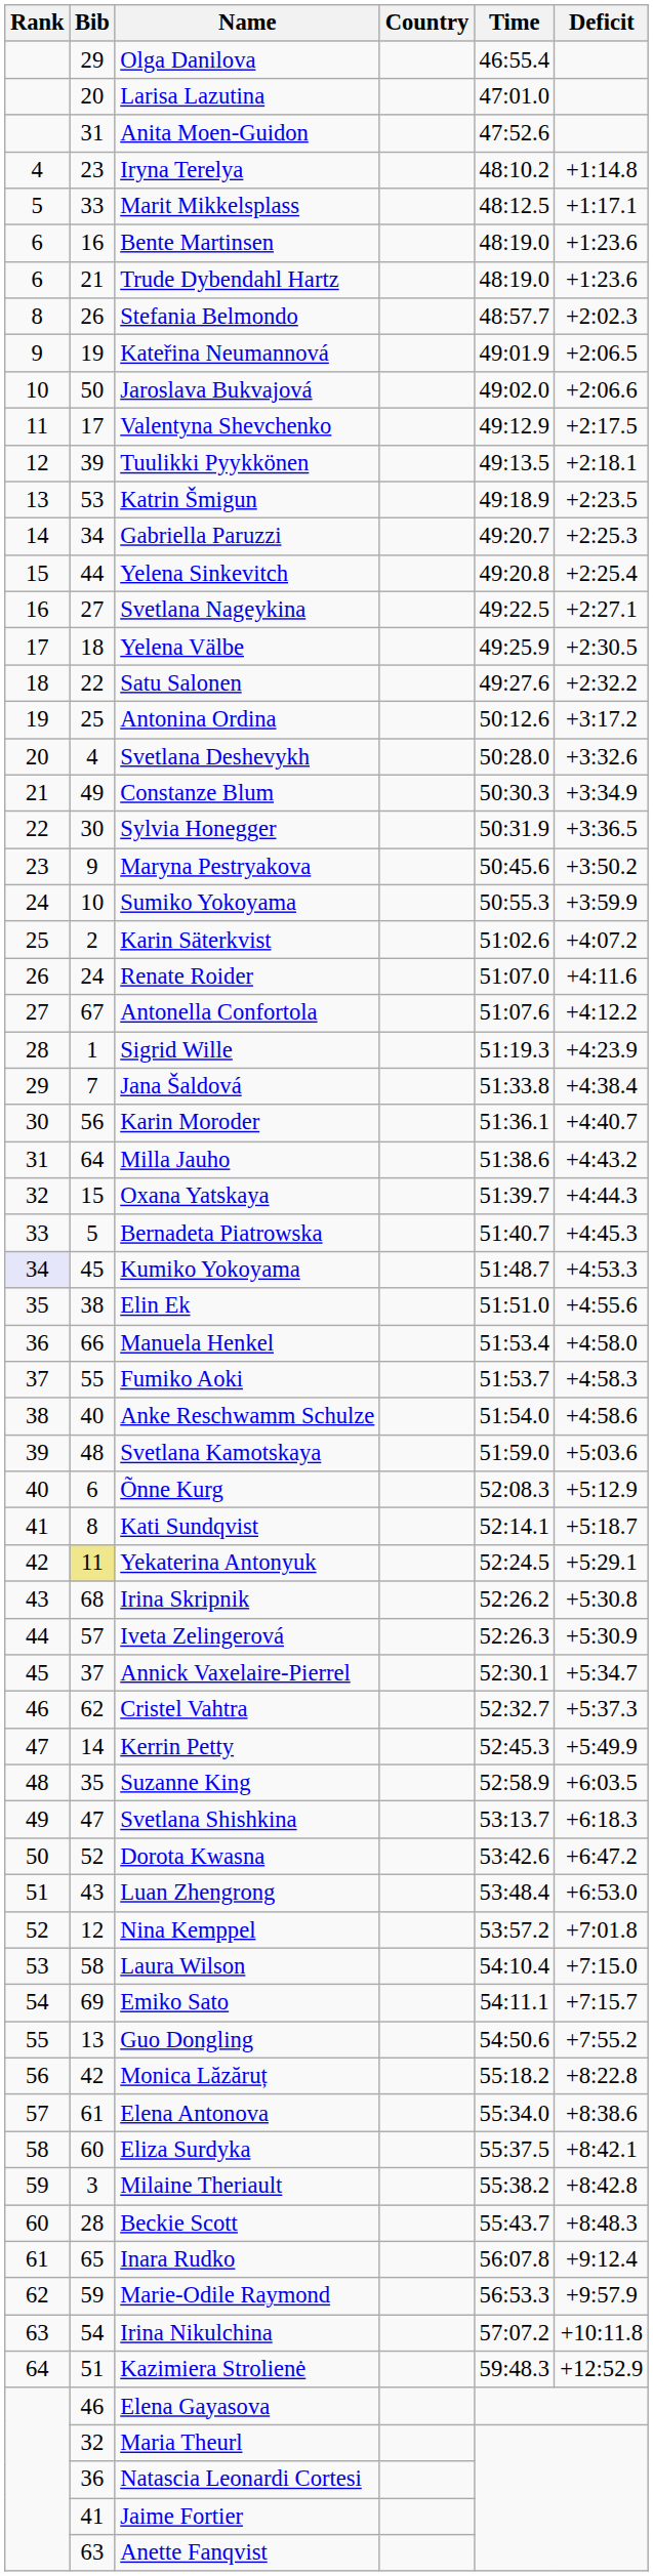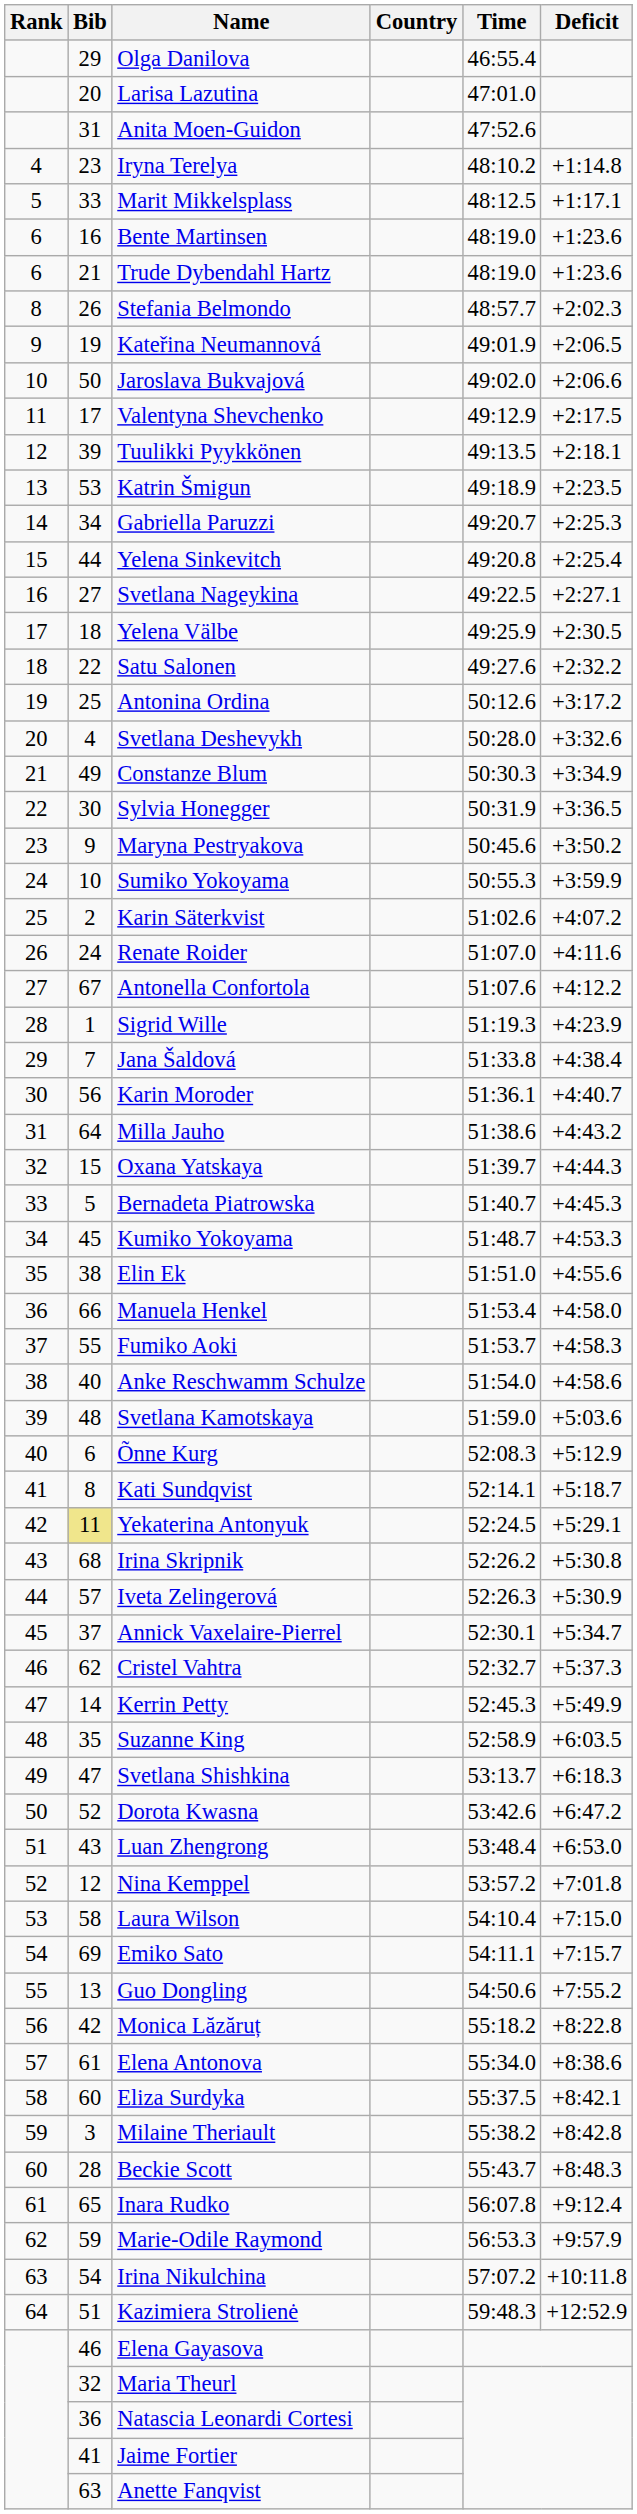 <table class="wikitable sortable" style="text-align:center">
 <tr>
 <th>Rank</th>
 <th>Bib</th>
 <th>Name</th>
 <th>Country</th>
 <th>Time</th>
 <th>Deficit</th>
 </tr>
 <tr>
 <td></td>
 <td>29</td>
 <td align=left><a href='#'>Olga Danilova</a></td>
 <td align=left></td>
 <td>46:55.4</td>
 <td></td>
 </tr>
 <tr>
 <td></td>
 <td>20</td>
 <td align=left><a href='#'>Larisa Lazutina</a></td>
 <td align=left></td>
 <td>47:01.0</td>
 <td></td>
 </tr>
 <tr>
 <td></td>
 <td>31</td>
 <td align=left><a href='#'>Anita Moen-Guidon</a></td>
 <td align=left></td>
 <td>47:52.6</td>
 <td></td>
 </tr>
 <tr>
 <td>4</td>
 <td>23</td>
 <td align=left><a href='#'>Iryna Terelya</a></td>
 <td align=left></td>
 <td>48:10.2</td>
 <td>+1:14.8</td>
 </tr>
 <tr>
 <td>5</td>
 <td>33</td>
 <td align=left><a href='#'>Marit Mikkelsplass</a></td>
 <td align=left></td>
 <td>48:12.5</td>
 <td>+1:17.1</td>
 </tr>
 <tr>
 <td>6</td>
 <td>16</td>
 <td align=left><a href='#'>Bente Martinsen</a></td>
 <td align=left></td>
 <td>48:19.0</td>
 <td>+1:23.6</td>
 </tr>
 <tr>
 <td>6</td>
 <td>21</td>
 <td align=left><a href='#'>Trude Dybendahl Hartz</a></td>
 <td align=left></td>
 <td>48:19.0</td>
 <td>+1:23.6</td>
 </tr>
 <tr>
 <td>8</td>
 <td>26</td>
 <td align=left><a href='#'>Stefania Belmondo</a></td>
 <td align=left></td>
 <td>48:57.7</td>
 <td>+2:02.3</td>
 </tr>
 <tr>
 <td>9</td>
 <td>19</td>
 <td align=left><a href='#'>Kateřina Neumannová</a></td>
 <td align=left></td>
 <td>49:01.9</td>
 <td>+2:06.5</td>
 </tr>
 <tr>
 <td>10</td>
 <td>50</td>
 <td align=left><a href='#'>Jaroslava Bukvajová</a></td>
 <td align=left></td>
 <td>49:02.0</td>
 <td>+2:06.6</td>
 </tr>
 <tr>
 <td>11</td>
 <td>17</td>
 <td align=left><a href='#'>Valentyna Shevchenko</a></td>
 <td align=left></td>
 <td>49:12.9</td>
 <td>+2:17.5</td>
 </tr>
 <tr>
 <td>12</td>
 <td>39</td>
 <td align=left><a href='#'>Tuulikki Pyykkönen</a></td>
 <td align=left></td>
 <td>49:13.5</td>
 <td>+2:18.1</td>
 </tr>
 <tr>
 <td>13</td>
 <td>53</td>
 <td align=left><a href='#'>Katrin Šmigun</a></td>
 <td align=left></td>
 <td>49:18.9</td>
 <td>+2:23.5</td>
 </tr>
 <tr>
 <td>14</td>
 <td>34</td>
 <td align=left><a href='#'>Gabriella Paruzzi</a></td>
 <td align=left></td>
 <td>49:20.7</td>
 <td>+2:25.3</td>
 </tr>
 <tr>
 <td>15</td>
 <td>44</td>
 <td align=left><a href='#'>Yelena Sinkevitch</a></td>
 <td align=left></td>
 <td>49:20.8</td>
 <td>+2:25.4</td>
 </tr>
 <tr>
 <td>16</td>
 <td>27</td>
 <td align=left><a href='#'>Svetlana Nageykina</a></td>
 <td align=left></td>
 <td>49:22.5</td>
 <td>+2:27.1</td>
 </tr>
 <tr>
 <td>17</td>
 <td>18</td>
 <td align=left><a href='#'>Yelena Välbe</a></td>
 <td align=left></td>
 <td>49:25.9</td>
 <td>+2:30.5</td>
 </tr>
 <tr>
 <td>18</td>
 <td>22</td>
 <td align=left><a href='#'>Satu Salonen</a></td>
 <td align=left></td>
 <td>49:27.6</td>
 <td>+2:32.2</td>
 </tr>
 <tr>
 <td>19</td>
 <td>25</td>
 <td align=left><a href='#'>Antonina Ordina</a></td>
 <td align=left></td>
 <td>50:12.6</td>
 <td>+3:17.2</td>
 </tr>
 <tr>
 <td>20</td>
 <td>4</td>
 <td align=left><a href='#'>Svetlana Deshevykh</a></td>
 <td align=left></td>
 <td>50:28.0</td>
 <td>+3:32.6</td>
 </tr>
 <tr>
 <td>21</td>
 <td>49</td>
 <td align=left><a href='#'>Constanze Blum</a></td>
 <td align=left></td>
 <td>50:30.3</td>
 <td>+3:34.9</td>
 </tr>
 <tr>
 <td>22</td>
 <td>30</td>
 <td align=left><a href='#'>Sylvia Honegger</a></td>
 <td align=left></td>
 <td>50:31.9</td>
 <td>+3:36.5</td>
 </tr>
 <tr>
 <td>23</td>
 <td>9</td>
 <td align=left><a href='#'>Maryna Pestryakova</a></td>
 <td align=left></td>
 <td>50:45.6</td>
 <td>+3:50.2</td>
 </tr>
 <tr>
 <td>24</td>
 <td>10</td>
 <td align=left><a href='#'>Sumiko Yokoyama</a></td>
 <td align=left></td>
 <td>50:55.3</td>
 <td>+3:59.9</td>
 </tr>
 <tr>
 <td>25</td>
 <td>2</td>
 <td align=left><a href='#'>Karin Säterkvist</a></td>
 <td align=left></td>
 <td>51:02.6</td>
 <td>+4:07.2</td>
 </tr>
 <tr>
 <td>26</td>
 <td>24</td>
 <td align=left><a href='#'>Renate Roider</a></td>
 <td align=left></td>
 <td>51:07.0</td>
 <td>+4:11.6</td>
 </tr>
 <tr>
 <td>27</td>
 <td>67</td>
 <td align=left><a href='#'>Antonella Confortola</a></td>
 <td align=left></td>
 <td>51:07.6</td>
 <td>+4:12.2</td>
 </tr>
 <tr>
 <td>28</td>
 <td>1</td>
 <td align=left><a href='#'>Sigrid Wille</a></td>
 <td align=left></td>
 <td>51:19.3</td>
 <td>+4:23.9</td>
 </tr>
 <tr>
 <td>29</td>
 <td>7</td>
 <td align=left><a href='#'>Jana Šaldová</a></td>
 <td align=left></td>
 <td>51:33.8</td>
 <td>+4:38.4</td>
 </tr>
 <tr>
 <td>30</td>
 <td>56</td>
 <td align=left><a href='#'>Karin Moroder</a></td>
 <td align=left></td>
 <td>51:36.1</td>
 <td>+4:40.7</td>
 </tr>
 <tr>
 <td>31</td>
 <td>64</td>
 <td align=left><a href='#'>Milla Jauho</a></td>
 <td align=left></td>
 <td>51:38.6</td>
 <td>+4:43.2</td>
 </tr>
 <tr>
 <td>32</td>
 <td>15</td>
 <td align=left><a href='#'>Oxana Yatskaya</a></td>
 <td align=left></td>
 <td>51:39.7</td>
 <td>+4:44.3</td>
 </tr>
 <tr>
 <td>33</td>
 <td>5</td>
 <td align=left><a href='#'>Bernadeta Piatrowska</a></td>
 <td align=left></td>
 <td>51:40.7</td>
 <td>+4:45.3</td>
 </tr>
 <tr>
-<td style="background: lavender;">34</td>
+<td>34</td>
 <td>45</td>
 <td align=left><a href='#'>Kumiko Yokoyama</a></td>
 <td align=left></td>
 <td>51:48.7</td>
 <td>+4:53.3</td>
 </tr>
 <tr>
 <td>35</td>
 <td>38</td>
 <td align=left><a href='#'>Elin Ek</a></td>
 <td align=left></td>
 <td>51:51.0</td>
 <td>+4:55.6</td>
 </tr>
 <tr>
 <td>36</td>
 <td>66</td>
 <td align=left><a href='#'>Manuela Henkel</a></td>
 <td align=left></td>
 <td>51:53.4</td>
 <td>+4:58.0</td>
 </tr>
 <tr>
 <td>37</td>
 <td>55</td>
 <td align=left><a href='#'>Fumiko Aoki</a></td>
 <td align=left></td>
 <td>51:53.7</td>
 <td>+4:58.3</td>
 </tr>
 <tr>
 <td>38</td>
 <td>40</td>
 <td align=left><a href='#'>Anke Reschwamm Schulze</a></td>
 <td align=left></td>
 <td>51:54.0</td>
 <td>+4:58.6</td>
 </tr>
 <tr>
 <td>39</td>
 <td>48</td>
 <td align=left><a href='#'>Svetlana Kamotskaya</a></td>
 <td align=left></td>
 <td>51:59.0</td>
 <td>+5:03.6</td>
 </tr>
 <tr>
 <td>40</td>
 <td>6</td>
 <td align=left><a href='#'>Õnne Kurg</a></td>
 <td align=left></td>
 <td>52:08.3</td>
 <td>+5:12.9</td>
 </tr>
 <tr>
 <td>41</td>
 <td>8</td>
 <td align=left><a href='#'>Kati Sundqvist</a></td>
 <td align=left></td>
 <td>52:14.1</td>
 <td>+5:18.7</td>
 </tr>
 <tr>
 <td>42</td>
 <td style="background: khaki;">11</td>
 <td align=left><a href='#'>Yekaterina Antonyuk</a></td>
 <td align=left></td>
 <td>52:24.5</td>
 <td>+5:29.1</td>
 </tr>
 <tr>
 <td>43</td>
 <td>68</td>
 <td align=left><a href='#'>Irina Skripnik</a></td>
 <td align=left></td>
 <td>52:26.2</td>
 <td>+5:30.8</td>
 </tr>
 <tr>
 <td>44</td>
 <td>57</td>
 <td align=left><a href='#'>Iveta Zelingerová</a></td>
 <td align=left></td>
 <td>52:26.3</td>
 <td>+5:30.9</td>
 </tr>
 <tr>
 <td>45</td>
 <td>37</td>
 <td align=left><a href='#'>Annick Vaxelaire-Pierrel</a></td>
 <td align=left></td>
 <td>52:30.1</td>
 <td>+5:34.7</td>
 </tr>
 <tr>
 <td>46</td>
 <td>62</td>
 <td align=left><a href='#'>Cristel Vahtra</a></td>
 <td align=left></td>
 <td>52:32.7</td>
 <td>+5:37.3</td>
 </tr>
 <tr>
 <td>47</td>
 <td>14</td>
 <td align=left><a href='#'>Kerrin Petty</a></td>
 <td align=left></td>
 <td>52:45.3</td>
 <td>+5:49.9</td>
 </tr>
 <tr>
 <td>48</td>
 <td>35</td>
 <td align=left><a href='#'>Suzanne King</a></td>
 <td align=left></td>
 <td>52:58.9</td>
 <td>+6:03.5</td>
 </tr>
 <tr>
 <td>49</td>
 <td>47</td>
 <td align=left><a href='#'>Svetlana Shishkina</a></td>
 <td align=left></td>
 <td>53:13.7</td>
 <td>+6:18.3</td>
 </tr>
 <tr>
 <td>50</td>
 <td>52</td>
 <td align=left><a href='#'>Dorota Kwasna</a></td>
 <td align=left></td>
 <td>53:42.6</td>
 <td>+6:47.2</td>
 </tr>
 <tr>
 <td>51</td>
 <td>43</td>
 <td align=left><a href='#'>Luan Zhengrong</a></td>
 <td align=left></td>
 <td>53:48.4</td>
 <td>+6:53.0</td>
 </tr>
 <tr>
 <td>52</td>
 <td>12</td>
 <td align=left><a href='#'>Nina Kemppel</a></td>
 <td align=left></td>
 <td>53:57.2</td>
 <td>+7:01.8</td>
 </tr>
 <tr>
 <td>53</td>
 <td>58</td>
 <td align=left><a href='#'>Laura Wilson</a></td>
 <td align=left></td>
 <td>54:10.4</td>
 <td>+7:15.0</td>
 </tr>
 <tr>
 <td>54</td>
 <td>69</td>
 <td align=left><a href='#'>Emiko Sato</a></td>
 <td align=left></td>
 <td>54:11.1</td>
 <td>+7:15.7</td>
 </tr>
 <tr>
 <td>55</td>
 <td>13</td>
 <td align=left><a href='#'>Guo Dongling</a></td>
 <td align=left></td>
 <td>54:50.6</td>
 <td>+7:55.2</td>
 </tr>
 <tr>
 <td>56</td>
 <td>42</td>
 <td align=left><a href='#'>Monica Lăzăruț</a></td>
 <td align=left></td>
 <td>55:18.2</td>
 <td>+8:22.8</td>
 </tr>
 <tr>
 <td>57</td>
 <td>61</td>
 <td align=left><a href='#'>Elena Antonova</a></td>
 <td align=left></td>
 <td>55:34.0</td>
 <td>+8:38.6</td>
 </tr>
 <tr>
 <td>58</td>
 <td>60</td>
 <td align=left><a href='#'>Eliza Surdyka</a></td>
 <td align=left></td>
 <td>55:37.5</td>
 <td>+8:42.1</td>
 </tr>
 <tr>
 <td>59</td>
 <td>3</td>
 <td align=left><a href='#'>Milaine Theriault</a></td>
 <td align=left></td>
 <td>55:38.2</td>
 <td>+8:42.8</td>
 </tr>
 <tr>
 <td>60</td>
 <td>28</td>
 <td align=left><a href='#'>Beckie Scott</a></td>
 <td align=left></td>
 <td>55:43.7</td>
 <td>+8:48.3</td>
 </tr>
 <tr>
 <td>61</td>
 <td>65</td>
 <td align=left><a href='#'>Inara Rudko</a></td>
 <td align=left></td>
 <td>56:07.8</td>
 <td>+9:12.4</td>
 </tr>
 <tr>
 <td>62</td>
 <td>59</td>
 <td align=left><a href='#'>Marie-Odile Raymond</a></td>
 <td align=left></td>
 <td>56:53.3</td>
 <td>+9:57.9</td>
 </tr>
 <tr>
 <td>63</td>
 <td>54</td>
 <td align=left><a href='#'>Irina Nikulchina</a></td>
 <td align=left></td>
 <td>57:07.2</td>
 <td>+10:11.8</td>
 </tr>
 <tr>
 <td>64</td>
 <td>51</td>
 <td align=left><a href='#'>Kazimiera Strolienė</a></td>
 <td align=left></td>
 <td>59:48.3</td>
 <td>+12:52.9</td>
 </tr>
 <tr>
 <td rowspan=5></td>
 <td>46</td>
 <td align=left><a href='#'>Elena Gayasova</a></td>
 <td align=left></td>
 <td colspan=2></td>
 </tr>
 <tr>
 <td>32</td>
 <td align=left><a href='#'>Maria Theurl</a></td>
 <td align=left></td>
 <td colspan=2 rowspan=4></td>
 </tr>
 <tr>
 <td>36</td>
 <td align=left><a href='#'>Natascia Leonardi Cortesi</a></td>
 <td align=left></td>
 </tr>
 <tr>
 <td>41</td>
 <td align=left><a href='#'>Jaime Fortier</a></td>
 <td align=left></td>
 </tr>
 <tr>
 <td>63</td>
 <td align=left><a href='#'>Anette Fanqvist</a></td>
 <td align=left></td>
 </tr>
 </table>
